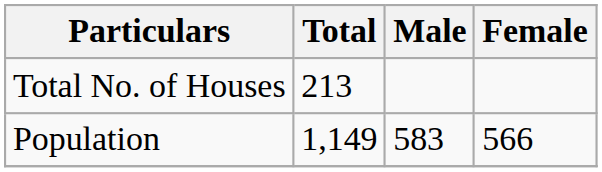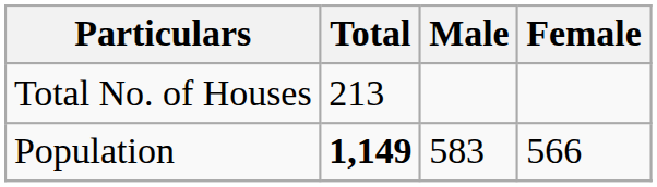 <table class="wikitable sortable">
 <tr>
 <th>Particulars</th>
 <th>Total</th>
 <th>Male</th>
 <th>Female</th>
 </tr>
 <tr>
 <td>Total No. of Houses</td>
 <td>213</td>
 <td></td>
 <td></td>
 </tr>
 <tr>
 <td>Population</td>
-<td>1,149</td>
+<td><strong>1,149</strong></td>
 <td>583</td>
 <td>566</td>
 </tr>
 <tr>
 </tr>
 </table>
